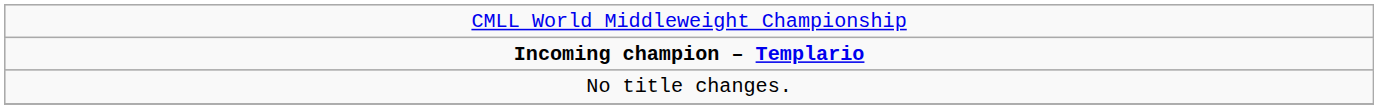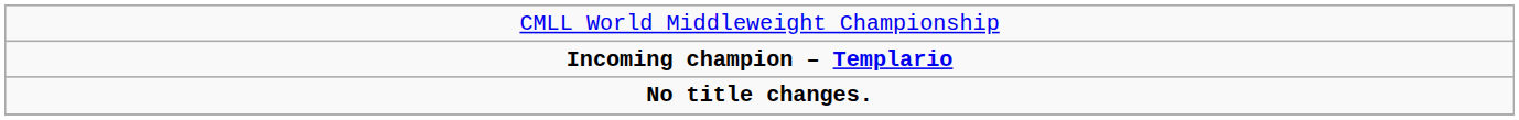 <table class="wikitable" style="text-align:center; width:100%;">
 <tr>
 <td colspan="4" style="text-align: center;"><a href='#'>CMLL World Middleweight Championship</a></td>
 </tr>
 <tr>
 <td colspan="4" style="text-align: center;"><strong>Incoming champion – <a href='#'>Templario</a></strong></td>
 </tr>
 <tr>
-<td>No title changes.</td>
+<td><strong>No title changes.</strong></td>
 </tr>
 <tr>
 </tr>
 </table>
